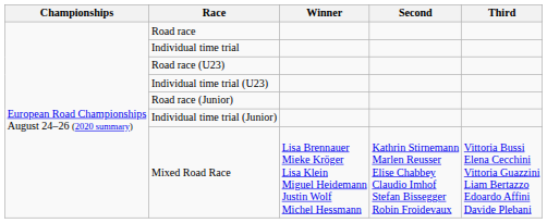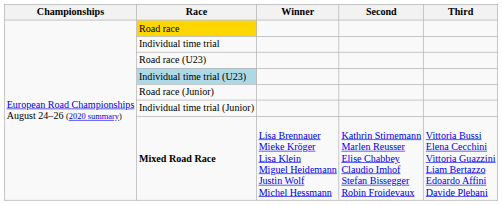 <table class="wikitable sortable">
 <tr>
 <th>Championships</th>
 <th>Race</th>
 <th>Winner</th>
 <th>Second</th>
 <th>Third</th>
 </tr>
 <tr>
 <td rowspan=7><a href='#'>European Road Championships</a><br> August 24–26 <small>(<a href='#'>2020 summary</a>)</small></td>
-<td>Road race</td>
+<td style="background: gold;">Road race</td>
 <td></td>
 <td></td>
 <td></td>
 </tr>
 <tr>
 <td>Individual time trial </td>
 <td></td>
 <td></td>
 <td></td>
 </tr>
 <tr>
 <td>Road race (U23)</td>
 <td></td>
 <td></td>
 <td></td>
 </tr>
 <tr>
-<td>Individual time trial (U23) </td>
+<td style="background: lightblue;">Individual time trial (U23) </td>
 <td></td>
 <td></td>
 <td></td>
 </tr>
 <tr>
 <td>Road race (Junior)</td>
 <td></td>
 <td></td>
 <td></td>
 </tr>
 <tr>
 <td>Individual time trial (Junior) </td>
 <td></td>
 <td></td>
 <td></td>
 </tr>
 <tr>
-<td>Mixed Road Race</td>
+<td><strong>Mixed Road Race</strong></td>
 <td><br><a href='#'>Lisa Brennauer</a><br><a href='#'>Mieke Kröger</a><br><a href='#'>Lisa Klein</a><br><a href='#'>Miguel Heidemann</a><br><a href='#'>Justin Wolf</a><br><a href='#'>Michel Hessmann</a></td>
 <td><br><a href='#'>Kathrin Stirnemann</a><br><a href='#'>Marlen Reusser</a><br><a href='#'>Elise Chabbey</a><br><a href='#'>Claudio Imhof</a><br><a href='#'>Stefan Bissegger</a><br><a href='#'>Robin Froidevaux</a></td>
 <td><br><a href='#'>Vittoria Bussi</a><br><a href='#'>Elena Cecchini</a><br><a href='#'>Vittoria Guazzini</a><br><a href='#'>Liam Bertazzo</a><br><a href='#'>Edoardo Affini</a><br><a href='#'>Davide Plebani</a></td>
 </tr>
 </table>
